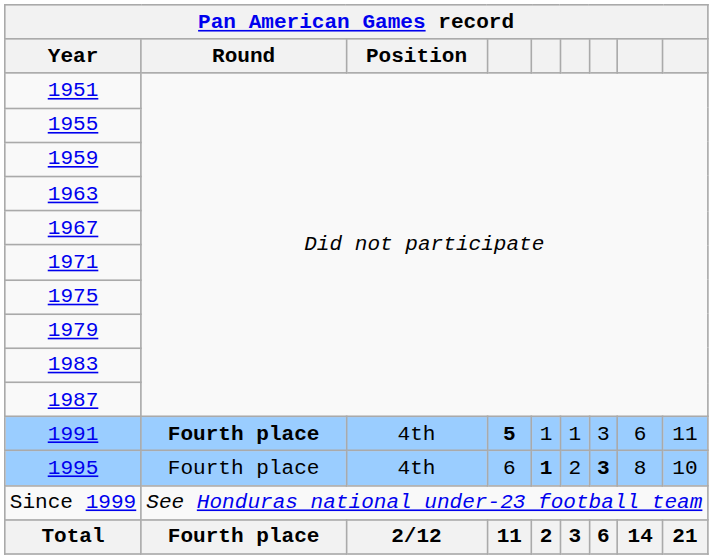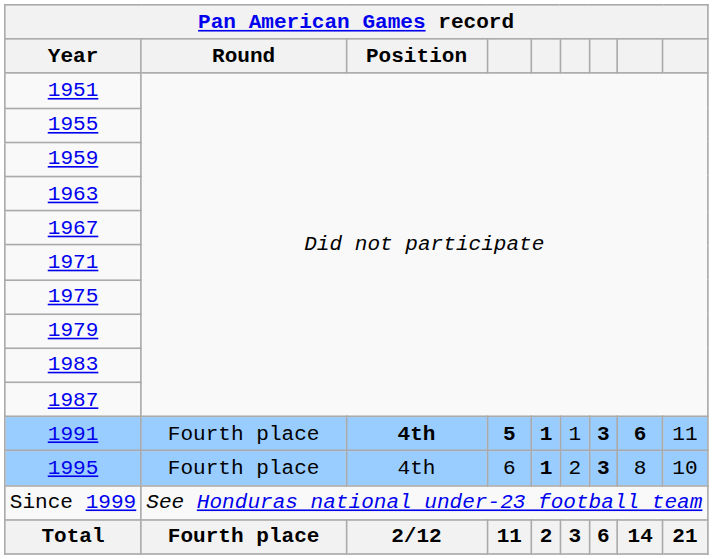 <table class="wikitable" style="text-align:center">
 <tr>
 <th colspan=9><a href='#'>Pan American Games</a> record</th>
 </tr>
 <tr>
 <th>Year</th>
 <th>Round</th>
 <th>Position</th>
 <th></th>
 <th></th>
 <th></th>
 <th></th>
 <th></th>
 <th></th>
 </tr>
 <tr>
 <td> <a href='#'>1951</a></td>
 <td colspan=8 rowspan=10><em>Did not participate</em></td>
 </tr>
 <tr>
 <td> <a href='#'>1955</a></td>
 </tr>
 <tr>
 <td> <a href='#'>1959</a></td>
 </tr>
 <tr>
 <td> <a href='#'>1963</a></td>
 </tr>
 <tr>
 <td> <a href='#'>1967</a></td>
 </tr>
 <tr>
 <td> <a href='#'>1971</a></td>
 </tr>
 <tr>
 <td> <a href='#'>1975</a></td>
 </tr>
 <tr>
 <td> <a href='#'>1979</a></td>
 </tr>
 <tr>
 <td> <a href='#'>1983</a></td>
 </tr>
 <tr>
 <td> <a href='#'>1987</a></td>
 </tr>
 <tr style="background:#9acdff;">
 <td> <a href='#'>1991</a></td>
-<td><strong>Fourth place</strong></td>
-<td>4th</td>
+<td>Fourth place</td>
+<td><strong>4th</strong></td>
 <td><strong>5</strong></td>
+<td><strong>1</strong></td>
 <td>1</td>
-<td>1</td>
-<td>3</td>
-<td>6</td>
+<td><strong>3</strong></td>
+<td><strong>6</strong></td>
 <td>11</td>
 </tr>
 <tr style="background:#9acdff;">
 <td> <a href='#'>1995</a></td>
 <td>Fourth place</td>
 <td>4th</td>
 <td>6</td>
 <td><strong>1</strong></td>
 <td>2</td>
 <td><strong>3</strong></td>
 <td>8</td>
 <td>10</td>
 </tr>
 <tr>
 <td>Since <a href='#'>1999</a></td>
 <td colspan=8><em>See <a href='#'>Honduras national under-23 football team</a></em></td>
 </tr>
 <tr>
 <th>Total</th>
 <th>Fourth place</th>
 <th>2/12</th>
 <th>11</th>
 <th>2</th>
 <th>3</th>
 <th>6</th>
 <th>14</th>
 <th>21</th>
 </tr>
 </table>
